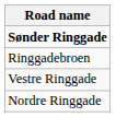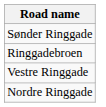 <table class="wikitable">
 <tr>
 <th>Road name</th>
 </tr>
 <tr>
-<td><strong>Sønder Ringgade</strong></td>
+<td>Sønder Ringgade</td>
 </tr>
 <tr>
 <td>Ringgadebroen</td>
 </tr>
 <tr>
 <td>Vestre Ringgade</td>
 </tr>
 <tr>
 <td>Nordre Ringgade</td>
 </tr>
 </table>
